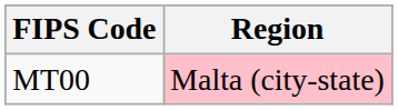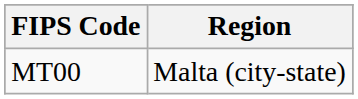 <table class="wikitable">
 <tr>
 <th>FIPS Code</th>
 <th>Region</th>
 </tr>
 <tr>
 <td>MT00</td>
-<td style="background: pink;">Malta (city-state)</td>
+<td>Malta (city-state)</td>
 </tr>
 </table>
